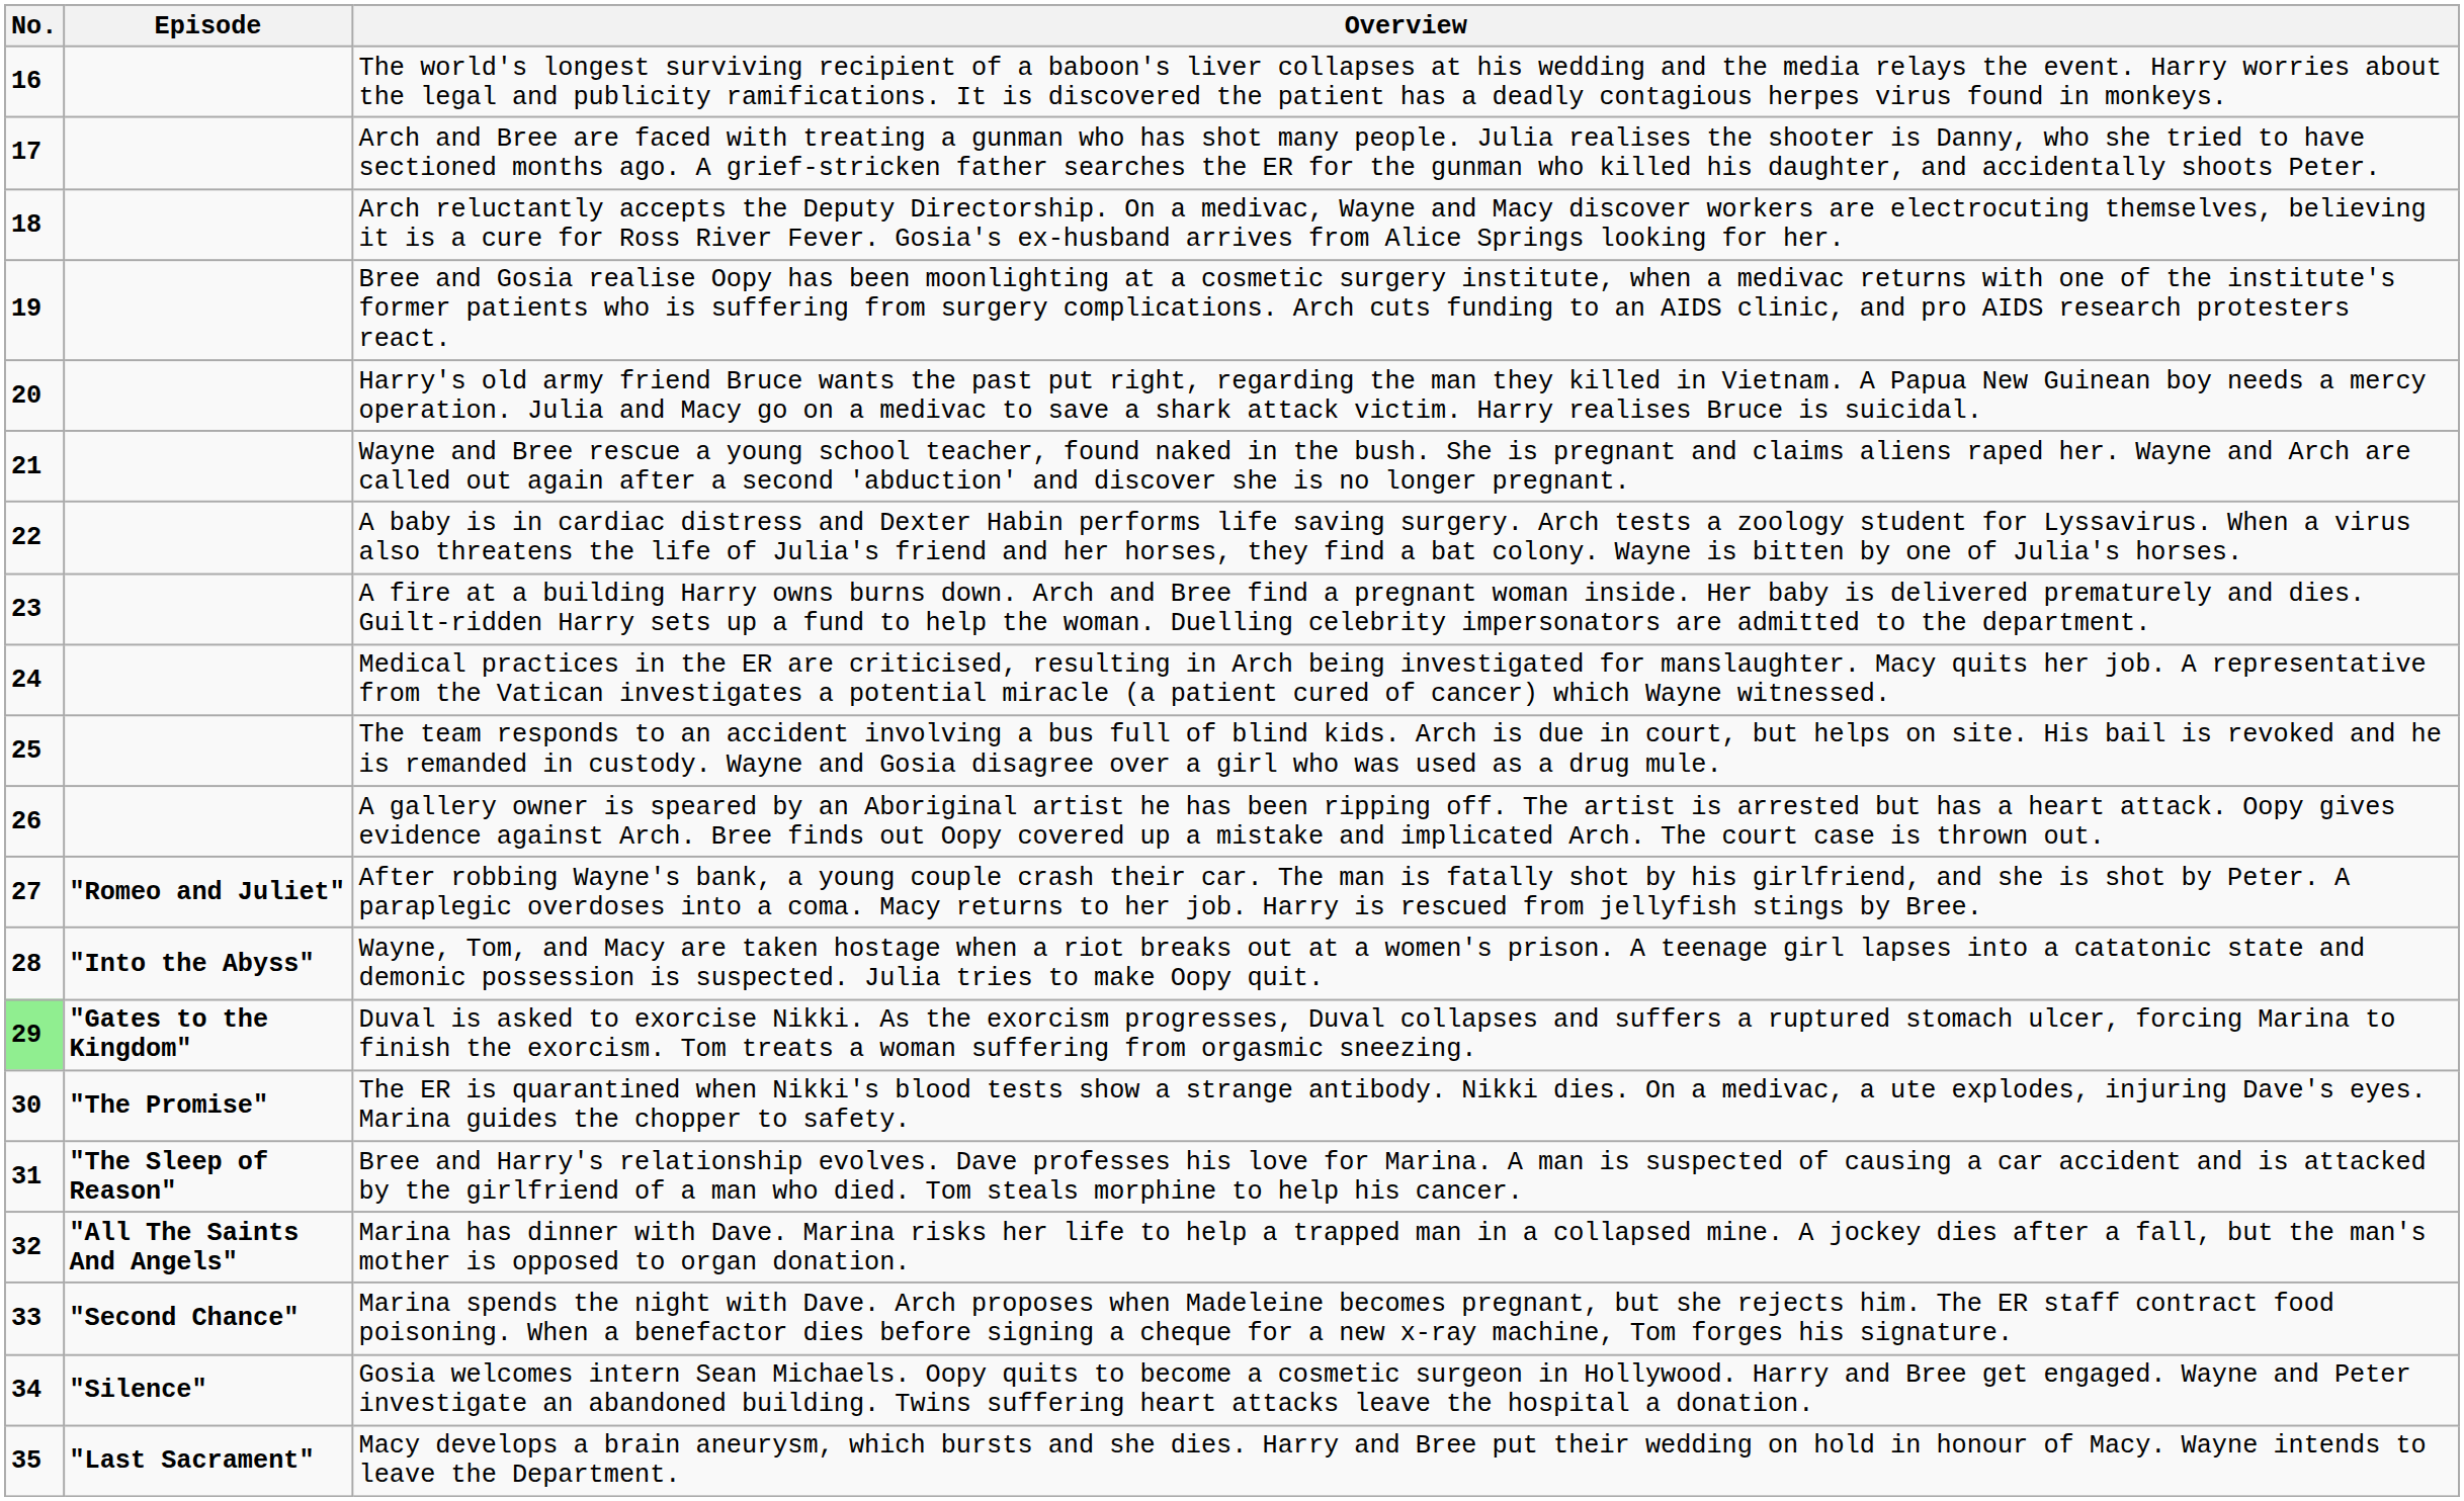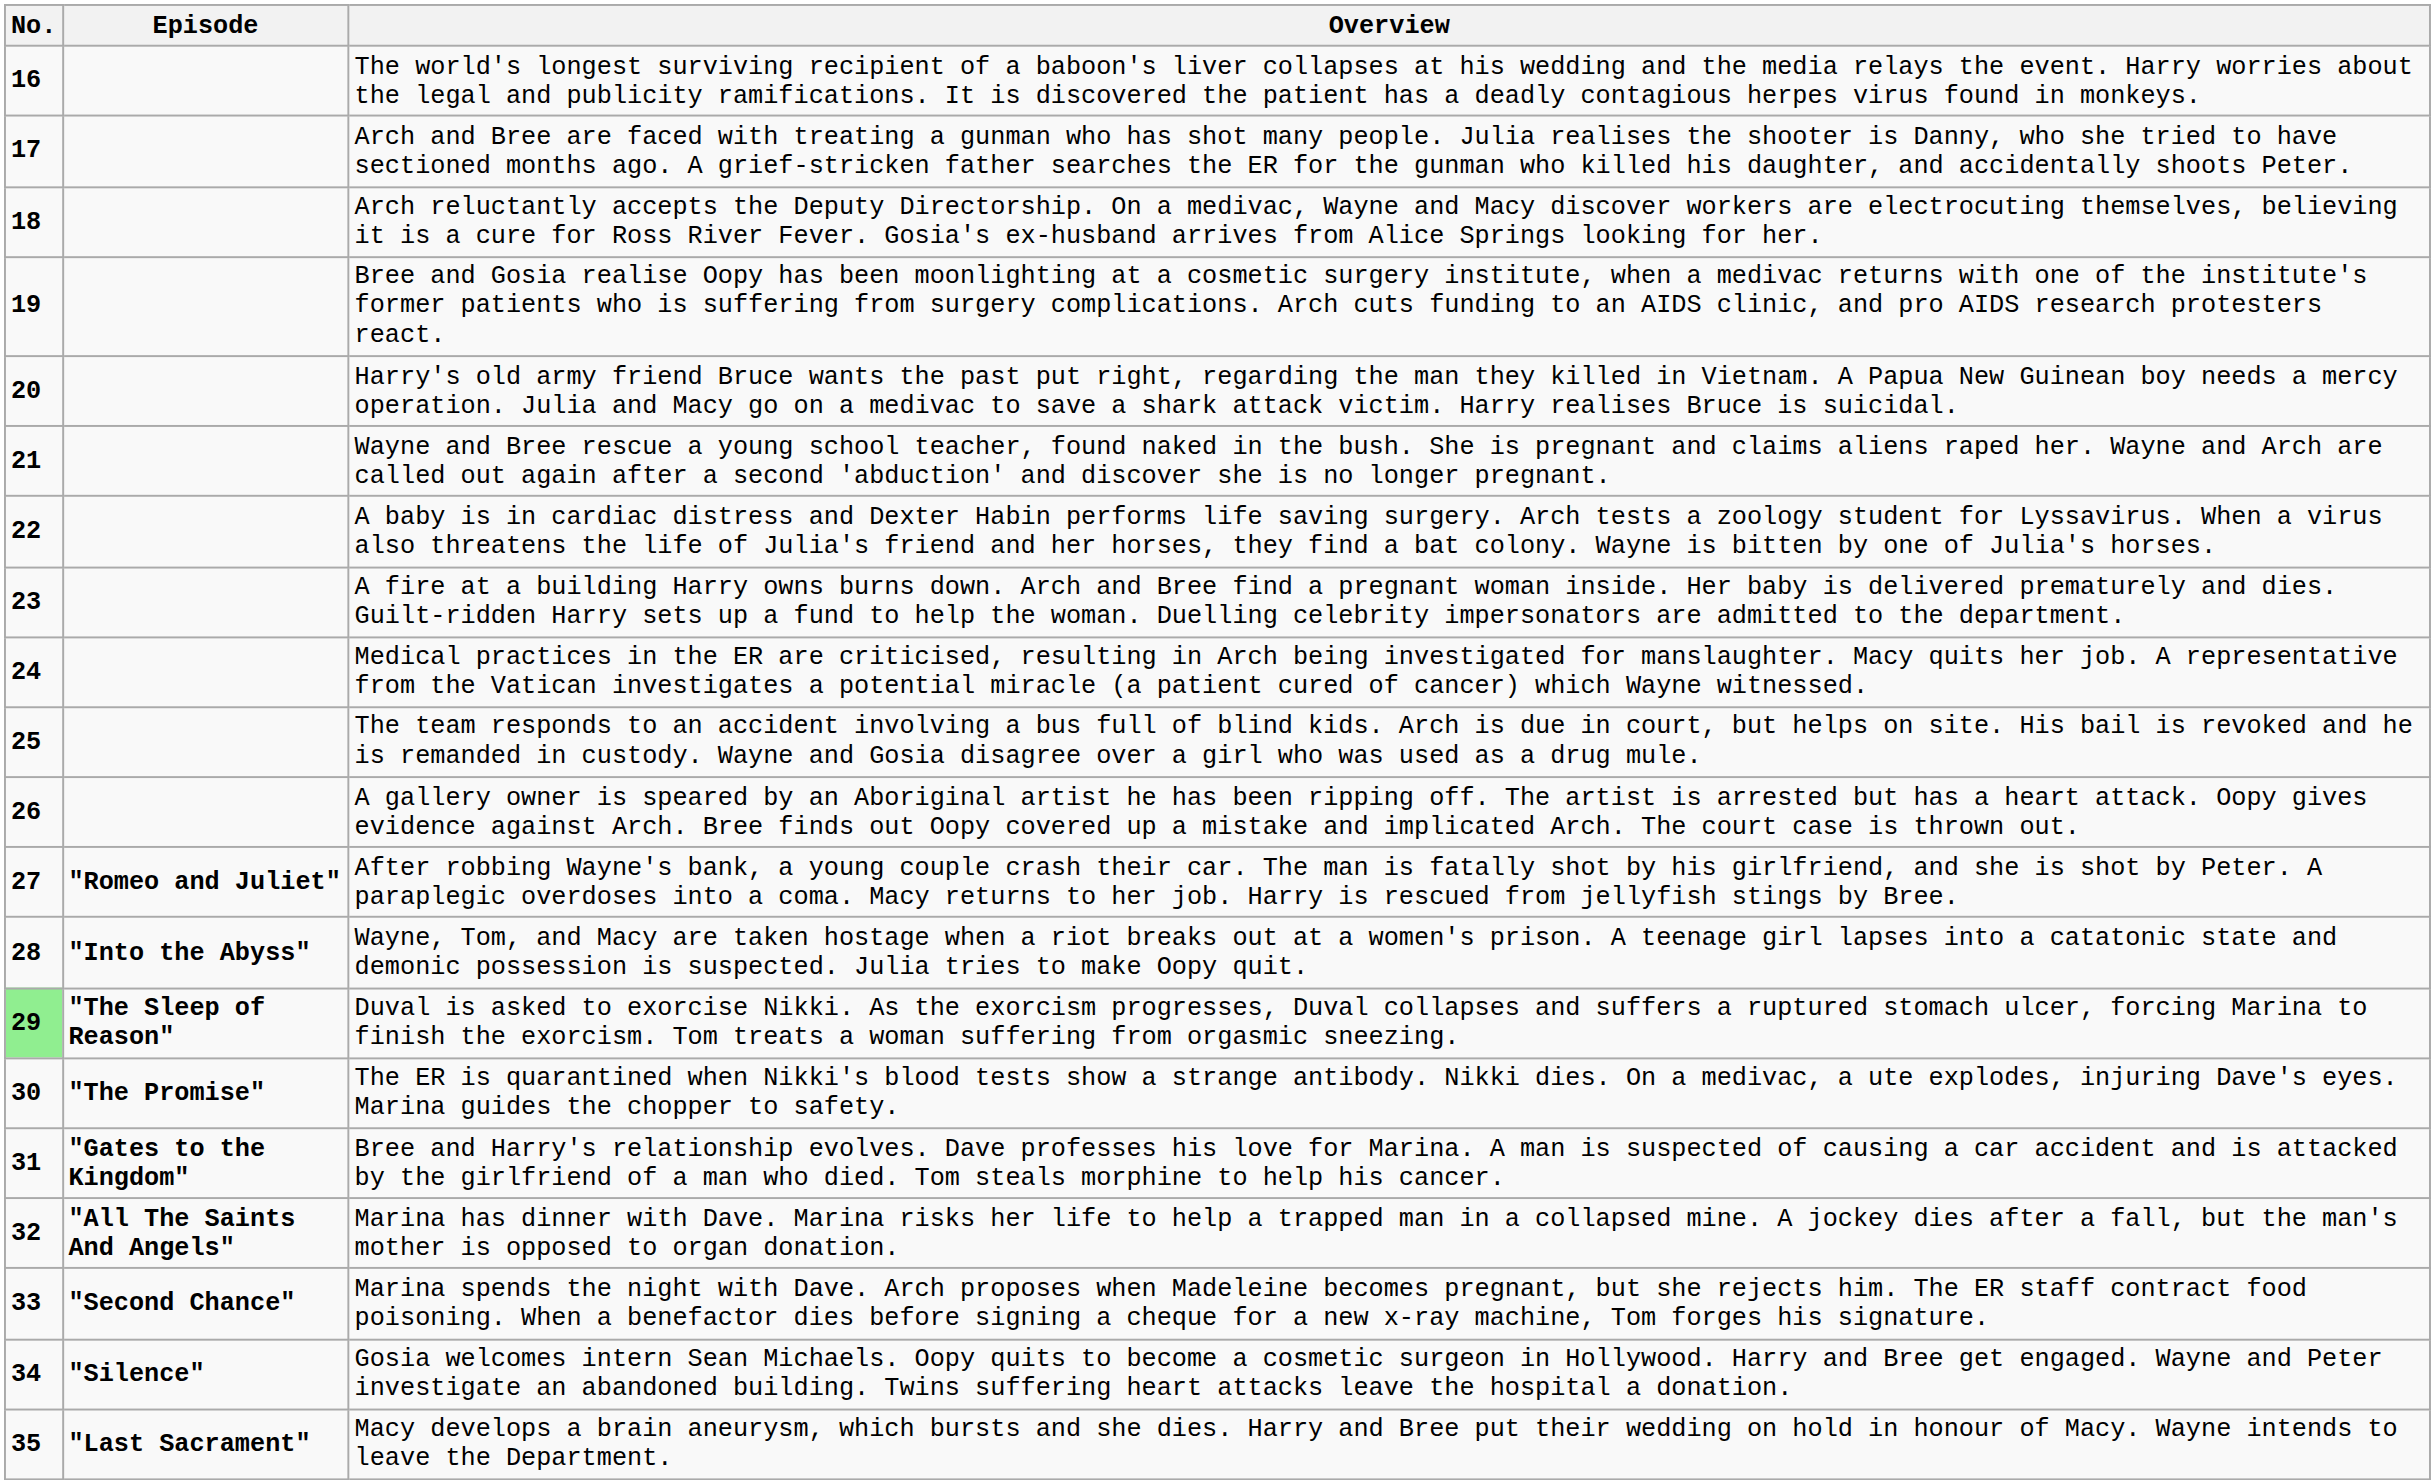 <table class=wikitable>
 <tr>
 <th>No.</th>
 <th>Episode</th>
 <th>Overview</th>
 </tr>
 <tr>
 <td><strong>16</strong></td>
 <td></td>
 <td>The world's longest surviving recipient of a baboon's liver collapses at his wedding and the media relays the event. Harry worries about the legal and publicity ramifications. It is discovered the patient has a deadly contagious herpes virus found in monkeys.</td>
 </tr>
 <tr>
 <td><strong>17</strong></td>
 <td></td>
 <td>Arch and Bree are faced with treating a gunman who has shot many people. Julia realises the shooter is Danny, who she tried to have sectioned months ago. A grief-stricken father searches the ER for the gunman who killed his daughter, and accidentally shoots Peter.</td>
 </tr>
 <tr>
 <td><strong>18</strong></td>
 <td></td>
 <td>Arch reluctantly accepts the Deputy Directorship. On a medivac, Wayne and Macy discover workers are electrocuting themselves, believing it is a cure for Ross River Fever. Gosia's ex-husband arrives from Alice Springs looking for her.</td>
 </tr>
 <tr>
 <td><strong>19</strong></td>
 <td></td>
 <td>Bree and Gosia realise Oopy has been moonlighting at a cosmetic surgery institute, when a medivac returns with one of the institute's former patients who is suffering from surgery complications. Arch cuts funding to an AIDS clinic, and pro AIDS research protesters react.</td>
 </tr>
 <tr>
 <td><strong>20</strong></td>
 <td></td>
 <td>Harry's old army friend Bruce wants the past put right, regarding the man they killed in Vietnam. A Papua New Guinean boy needs a mercy operation. Julia and Macy go on a medivac to save a shark attack victim. Harry realises Bruce is suicidal.</td>
 </tr>
 <tr>
 <td><strong>21</strong></td>
 <td></td>
 <td>Wayne and Bree rescue a young school teacher, found naked in the bush. She is pregnant and claims aliens raped her. Wayne and Arch are called out again after a second 'abduction' and discover she is no longer pregnant.</td>
 </tr>
 <tr>
 <td><strong>22</strong></td>
 <td></td>
 <td>A baby is in cardiac distress and Dexter Habin performs life saving surgery. Arch tests a zoology student for Lyssavirus. When a virus also threatens the life of Julia's friend and her horses, they find a bat colony. Wayne is bitten by one of Julia's horses.</td>
 </tr>
 <tr>
 <td><strong>23</strong></td>
 <td></td>
 <td>A fire at a building Harry owns burns down. Arch and Bree find a pregnant woman inside. Her baby is delivered prematurely and dies. Guilt-ridden Harry sets up a fund to help the woman. Duelling celebrity impersonators are admitted to the department.</td>
 </tr>
 <tr>
 <td><strong>24</strong></td>
 <td></td>
 <td>Medical practices in the ER are criticised, resulting in Arch being investigated for manslaughter. Macy quits her job. A representative from the Vatican investigates a potential miracle (a patient cured of cancer) which Wayne witnessed.</td>
 </tr>
 <tr>
 <td><strong>25</strong></td>
 <td></td>
 <td>The team responds to an accident involving a bus full of blind kids. Arch is due in court, but helps on site. His bail is revoked and he is remanded in custody. Wayne and Gosia disagree over a girl who was used as a drug mule.</td>
 </tr>
 <tr>
 <td><strong>26</strong></td>
 <td></td>
 <td>A gallery owner is speared by an Aboriginal artist he has been ripping off. The artist is arrested but has a heart attack. Oopy gives evidence against Arch. Bree finds out Oopy covered up a mistake and implicated Arch. The court case is thrown out.</td>
 </tr>
 <tr>
 <td><strong>27</strong></td>
 <td><strong>"Romeo and Juliet"</strong></td>
 <td>After robbing Wayne's bank, a young couple crash their car. The man is fatally shot by his girlfriend, and she is shot by Peter. A paraplegic overdoses into a coma. Macy returns to her job. Harry is rescued from jellyfish stings by Bree.</td>
 </tr>
 <tr>
 <td><strong>28</strong></td>
 <td><strong>"Into the Abyss"</strong></td>
 <td>Wayne, Tom, and Macy are taken hostage when a riot breaks out at a women's prison. A teenage girl lapses into a catatonic state and demonic possession is suspected. Julia tries to make Oopy quit.</td>
 </tr>
 <tr>
 <td style="background: lightgreen;"><strong>29</strong></td>
-<td><strong>"Gates to the Kingdom"</strong></td>
+<td><strong>"The Sleep of Reason"</strong></td>
 <td>Duval is asked to exorcise Nikki. As the exorcism progresses, Duval collapses and suffers a ruptured stomach ulcer, forcing Marina to finish the exorcism. Tom treats a woman suffering from orgasmic sneezing.</td>
 </tr>
 <tr>
 <td><strong>30</strong></td>
 <td><strong>"The Promise"</strong></td>
 <td>The ER is quarantined when Nikki's blood tests show a strange antibody. Nikki dies. On a medivac, a ute explodes, injuring Dave's eyes. Marina guides the chopper to safety.</td>
 </tr>
 <tr>
 <td><strong>31</strong></td>
-<td><strong>"The Sleep of Reason"</strong></td>
+<td><strong>"Gates to the Kingdom"</strong></td>
 <td>Bree and Harry's relationship evolves. Dave professes his love for Marina. A man is suspected of causing a car accident and is attacked by the girlfriend of a man who died. Tom steals morphine to help his cancer.</td>
 </tr>
 <tr>
 <td><strong>32</strong></td>
 <td><strong>"All The Saints And Angels"</strong></td>
 <td>Marina has dinner with Dave. Marina risks her life to help a trapped man in a collapsed mine. A jockey dies after a fall, but the man's mother is opposed to organ donation.</td>
 </tr>
 <tr>
 <td><strong>33</strong></td>
 <td><strong>"Second Chance"</strong></td>
 <td>Marina spends the night with Dave. Arch proposes when Madeleine becomes pregnant, but she rejects him. The ER staff contract food poisoning. When a benefactor dies before signing a cheque for a new x-ray machine, Tom forges his signature.</td>
 </tr>
 <tr>
 <td><strong>34</strong></td>
 <td><strong>"Silence"</strong></td>
 <td>Gosia welcomes intern Sean Michaels. Oopy quits to become a cosmetic surgeon in Hollywood. Harry and Bree get engaged. Wayne and Peter investigate an abandoned building. Twins suffering heart attacks leave the hospital a donation.</td>
 </tr>
 <tr>
 <td><strong>35</strong></td>
 <td><strong>"Last Sacrament"</strong></td>
 <td>Macy develops a brain aneurysm, which bursts and she dies. Harry and Bree put their wedding on hold in honour of Macy. Wayne intends to leave the Department.</td>
 </tr>
 </table>
